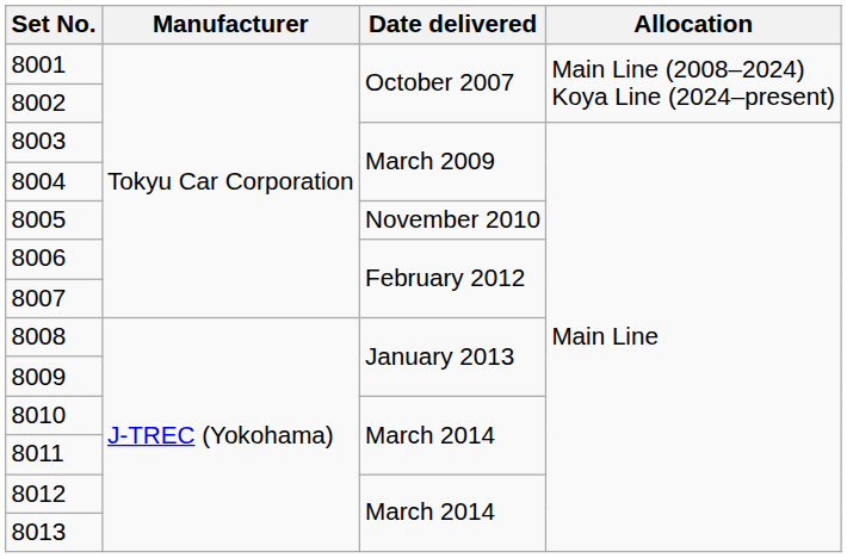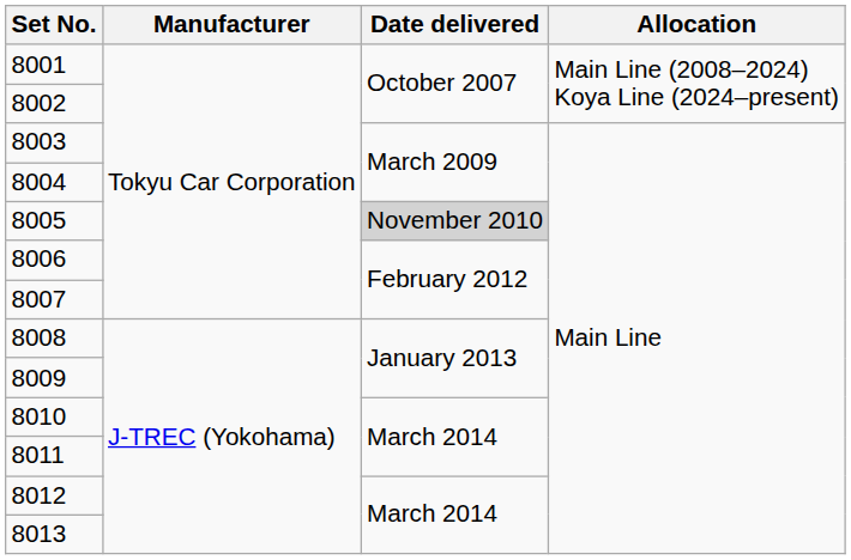 <table class="wikitable">
 <tr>
 <th>Set No.</th>
 <th>Manufacturer</th>
 <th>Date delivered</th>
 <th>Allocation</th>
 </tr>
 <tr>
 <td>8001</td>
 <td rowspan="7">Tokyu Car Corporation</td>
 <td rowspan="2">October 2007</td>
 <td rowspan="2"> Main Line (2008–2024) <br>  Koya Line (2024–present)</td>
 </tr>
 <tr>
 <td>8002</td>
 </tr>
 <tr>
 <td>8003</td>
 <td rowspan="2">March 2009</td>
 <td rowspan="11"> Main Line</td>
 </tr>
 <tr>
 <td>8004</td>
 </tr>
 <tr>
 <td>8005</td>
-<td>November 2010</td>
+<td style="background: lightgrey;">November 2010</td>
 </tr>
 <tr>
 <td>8006</td>
 <td rowspan="2">February 2012</td>
 </tr>
 <tr>
 <td>8007</td>
 </tr>
 <tr>
 <td>8008</td>
 <td rowspan="6"><a href='#'>J-TREC</a> (Yokohama)</td>
 <td rowspan="2">January 2013</td>
 </tr>
 <tr>
 <td>8009</td>
 </tr>
 <tr>
 <td>8010</td>
 <td rowspan="2">March 2014</td>
 </tr>
 <tr>
 <td>8011</td>
 </tr>
 <tr>
 <td>8012</td>
 <td rowspan="2">March 2014</td>
 </tr>
 <tr>
 <td>8013</td>
 </tr>
 </table>
